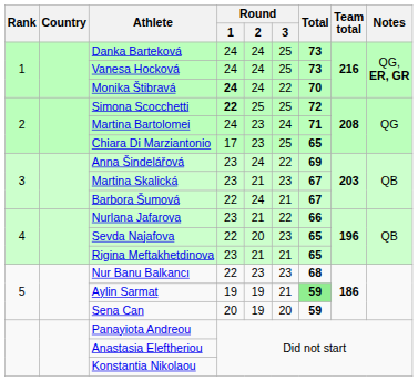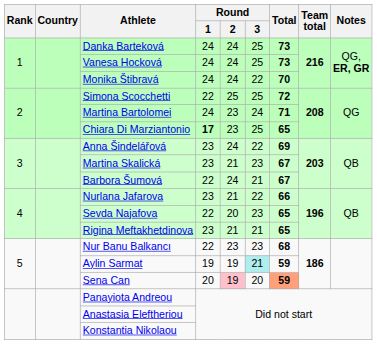 <table class="wikitable sortable" style="text-align:center">
 <tr>
 <th rowspan=2>Rank</th>
 <th rowspan=2>Country</th>
 <th rowspan=2>Athlete</th>
 <th colspan=3>Round</th>
 <th rowspan=2>Total</th>
 <th rowspan=2>Team<br>total</th>
 <th rowspan=2 class="unsortable">Notes</th>
 </tr>
 <tr>
 <th width=30px>1</th>
 <th width=30px>2</th>
 <th width=30px>3</th>
 </tr>
 <tr bgcolor=bbffbb>
 <td rowspan=3>1</td>
 <td rowspan=3 align=left></td>
 <td align=left><a href='#'>Danka Barteková</a></td>
 <td>24</td>
 <td>24</td>
 <td>25</td>
 <td><strong>73</strong></td>
 <td rowspan=3><strong>216</strong></td>
 <td rowspan=3>QG,<br><strong>ER, GR</strong></td>
 </tr>
 <tr bgcolor=bbffbb>
 <td align=left><a href='#'>Vanesa Hocková</a></td>
 <td>24</td>
 <td>24</td>
 <td>25</td>
 <td><strong>73</strong></td>
 </tr>
 <tr bgcolor=bbffbb>
 <td align=left><a href='#'>Monika Štibravá</a></td>
-<td><strong>24</strong></td>
+<td>24</td>
 <td>24</td>
 <td>22</td>
 <td><strong>70</strong></td>
 </tr>
 <tr bgcolor=bbffbb>
 <td rowspan=3>2</td>
 <td rowspan=3 align=left></td>
 <td align=left><a href='#'>Simona Scocchetti</a></td>
-<td><strong>22</strong></td>
+<td>22</td>
 <td>25</td>
 <td>25</td>
 <td><strong>72</strong></td>
 <td rowspan=3><strong>208</strong></td>
 <td rowspan=3>QG</td>
 </tr>
 <tr bgcolor=bbffbb>
 <td align=left><a href='#'>Martina Bartolomei</a></td>
 <td>24</td>
 <td>23</td>
 <td>24</td>
 <td><strong>71</strong></td>
 </tr>
 <tr bgcolor=bbffbb>
 <td align=left><a href='#'>Chiara Di Marziantonio</a></td>
-<td>17</td>
+<td><strong>17</strong></td>
 <td>23</td>
 <td>25</td>
 <td><strong>65</strong></td>
 </tr>
 <tr bgcolor=ccffcc>
 <td rowspan=3>3</td>
 <td rowspan=3 align=left></td>
 <td align=left><a href='#'>Anna Šindelářová</a></td>
 <td>23</td>
 <td>24</td>
 <td>22</td>
 <td><strong>69</strong></td>
 <td rowspan=3><strong>203</strong></td>
 <td rowspan=3>QB</td>
 </tr>
 <tr bgcolor=ccffcc>
 <td align=left><a href='#'>Martina Skalická</a></td>
 <td>23</td>
 <td>21</td>
 <td>23</td>
 <td><strong>67</strong></td>
 </tr>
 <tr bgcolor=ccffcc>
 <td align=left><a href='#'>Barbora Šumová</a></td>
 <td>22</td>
 <td>24</td>
 <td>21</td>
 <td><strong>67</strong></td>
 </tr>
 <tr bgcolor=ccffcc>
 <td rowspan=3>4</td>
 <td rowspan=3 align=left></td>
 <td align=left><a href='#'>Nurlana Jafarova</a></td>
 <td>23</td>
 <td>21</td>
 <td>22</td>
 <td><strong>66</strong></td>
 <td rowspan=3><strong>196</strong></td>
 <td rowspan=3>QB</td>
 </tr>
 <tr bgcolor=ccffcc>
 <td align=left><a href='#'>Sevda Najafova</a></td>
 <td>22</td>
 <td>20</td>
 <td>23</td>
 <td><strong>65</strong></td>
 </tr>
 <tr bgcolor=ccffcc>
 <td align=left><a href='#'>Rigina Meftakhetdinova</a></td>
 <td>23</td>
 <td>21</td>
 <td>21</td>
 <td><strong>65</strong></td>
 </tr>
 <tr>
 <td rowspan=3>5</td>
 <td rowspan=3 align=left></td>
 <td align=left><a href='#'>Nur Banu Balkancı</a></td>
 <td>22</td>
 <td>23</td>
 <td>23</td>
 <td><strong>68</strong></td>
 <td rowspan=3><strong>186</strong></td>
 <td rowspan=3></td>
 </tr>
 <tr>
 <td align=left><a href='#'>Aylin Sarmat</a></td>
 <td>19</td>
 <td>19</td>
-<td>21</td>
-<td style="background: lightgreen;"><strong>59</strong></td>
+<td style="background: paleturquoise;">21</td>
+<td><strong>59</strong></td>
 </tr>
 <tr>
 <td align=left><a href='#'>Sena Can</a></td>
 <td>20</td>
-<td>19</td>
+<td style="background: pink;">19</td>
 <td>20</td>
-<td><strong>59</strong></td>
+<td style="background: lightsalmon;"><strong>59</strong></td>
 </tr>
 <tr>
 <td rowspan=3></td>
 <td rowspan=3 align=left></td>
 <td align=left><a href='#'>Panayiota Andreou</a></td>
 <td colspan=6 rowspan=3>Did not start</td>
 </tr>
 <tr>
 <td align=left><a href='#'>Anastasia Eleftheriou</a></td>
 </tr>
 <tr>
 <td align=left><a href='#'>Konstantia Nikolaou</a></td>
 </tr>
 </table>
